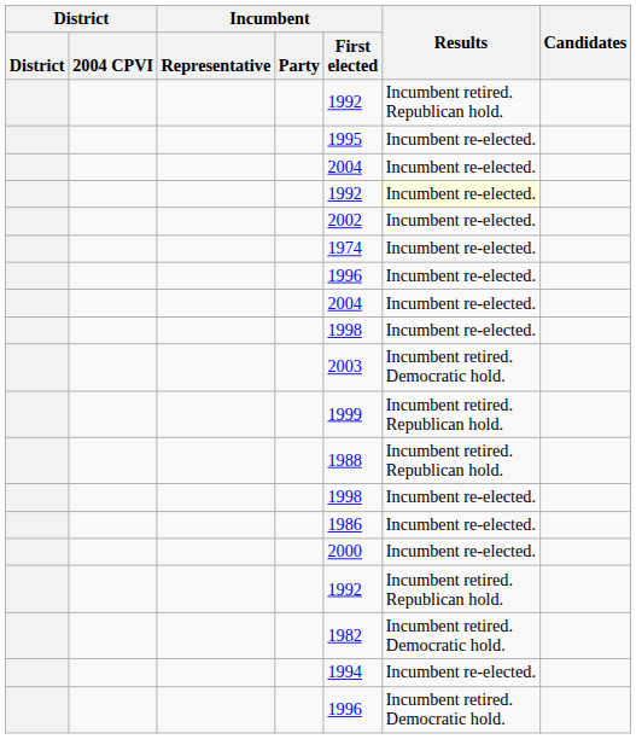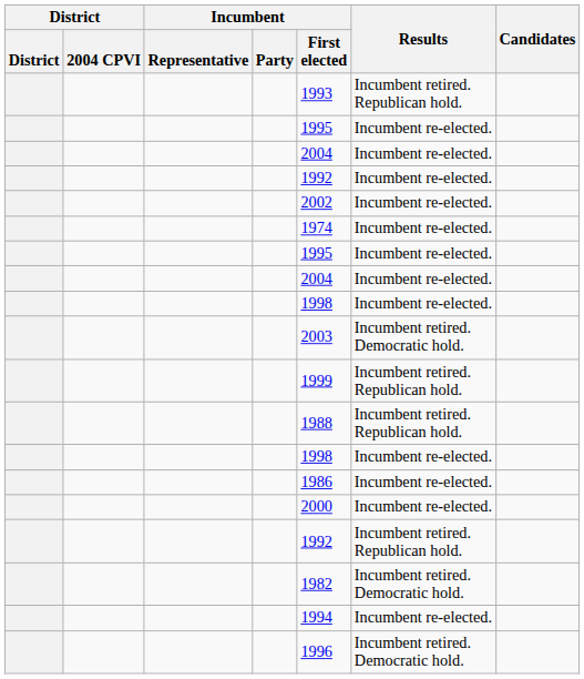 <table class="wikitable sortable">
 <tr>
 <th colspan=2>District</th>
 <th colspan=3>Incumbent</th>
 <th rowspan=2>Results</th>
 <th rowspan=2>Candidates</th>
 </tr>
 <tr valign=bottom>
 <th>District</th>
 <th>2004 CPVI</th>
 <th>Representative</th>
 <th>Party</th>
 <th>First<br>elected</th>
 </tr>
 <tr>
 <th></th>
 <td></td>
 <td></td>
 <td></td>
-<td><a href='#'>1992</a></td>
+<td><a href='#'>1993</a></td>
 <td>Incumbent retired.<br>Republican hold.</td>
 <td nowrap></td>
 </tr>
 <tr>
 <th></th>
 <td></td>
 <td></td>
 <td></td>
 <td><a href='#'>1995 </a></td>
 <td>Incumbent re-elected.</td>
 <td nowrap></td>
 </tr>
 <tr>
 <th></th>
 <td></td>
 <td></td>
 <td></td>
 <td><a href='#'>2004</a></td>
 <td>Incumbent re-elected.</td>
 <td nowrap></td>
 </tr>
 <tr>
 <th></th>
 <td></td>
 <td></td>
 <td></td>
 <td><a href='#'>1992</a></td>
-<td style="background: lightyellow;">Incumbent re-elected.</td>
+<td>Incumbent re-elected.</td>
 <td nowrap></td>
 </tr>
 <tr>
 <th></th>
 <td></td>
 <td></td>
 <td></td>
 <td><a href='#'>2002</a></td>
 <td>Incumbent re-elected.</td>
 <td nowrap></td>
 </tr>
 <tr>
 <th></th>
 <td></td>
 <td></td>
 <td></td>
 <td><a href='#'>1974</a></td>
 <td>Incumbent re-elected.</td>
 <td nowrap></td>
 </tr>
 <tr>
 <th></th>
 <td></td>
 <td></td>
 <td></td>
-<td><a href='#'>1996</a></td>
+<td><a href='#'>1995</a></td>
 <td>Incumbent re-elected.</td>
 <td nowrap></td>
 </tr>
 <tr>
 <th></th>
 <td></td>
 <td></td>
 <td></td>
 <td><a href='#'>2004</a></td>
 <td>Incumbent re-elected.</td>
 <td nowrap></td>
 </tr>
 <tr>
 <th></th>
 <td></td>
 <td></td>
 <td></td>
 <td><a href='#'>1998</a></td>
 <td>Incumbent re-elected.</td>
 <td nowrap></td>
 </tr>
 <tr>
 <th></th>
 <td></td>
 <td></td>
 <td></td>
 <td><a href='#'>2003</a></td>
 <td>Incumbent retired.<br>Democratic hold.</td>
 <td nowrap></td>
 </tr>
 <tr>
 <th></th>
 <td></td>
 <td></td>
 <td></td>
 <td><a href='#'>1999</a></td>
 <td>Incumbent retired.<br>Republican hold.</td>
 <td nowrap></td>
 </tr>
 <tr>
 <th></th>
 <td></td>
 <td></td>
 <td></td>
 <td><a href='#'>1988</a></td>
 <td>Incumbent retired.<br>Republican hold.</td>
 <td nowrap></td>
 </tr>
 <tr>
 <th></th>
 <td></td>
 <td></td>
 <td></td>
 <td><a href='#'>1998</a></td>
 <td>Incumbent re-elected.</td>
 <td nowrap></td>
 </tr>
 <tr>
 <th></th>
 <td></td>
 <td></td>
 <td></td>
 <td><a href='#'>1986</a></td>
 <td>Incumbent re-elected.</td>
 <td nowrap></td>
 </tr>
 <tr>
 <th></th>
 <td></td>
 <td></td>
 <td></td>
 <td><a href='#'>2000</a></td>
 <td>Incumbent re-elected.</td>
 <td nowrap></td>
 </tr>
 <tr>
 <th></th>
 <td></td>
 <td></td>
 <td></td>
 <td><a href='#'>1992</a></td>
 <td>Incumbent retired.<br>Republican hold.</td>
 <td nowrap></td>
 </tr>
 <tr>
 <th></th>
 <td></td>
 <td></td>
 <td></td>
 <td><a href='#'>1982</a></td>
 <td>Incumbent retired.<br>Democratic hold.</td>
 <td nowrap></td>
 </tr>
 <tr>
 <th></th>
 <td></td>
 <td></td>
 <td></td>
 <td><a href='#'>1994</a></td>
 <td>Incumbent re-elected.</td>
 <td nowrap></td>
 </tr>
 <tr>
 <th></th>
 <td></td>
 <td></td>
 <td></td>
 <td><a href='#'>1996</a></td>
 <td>Incumbent retired.<br>Democratic hold.</td>
 <td nowrap></td>
 </tr>
 </table>
